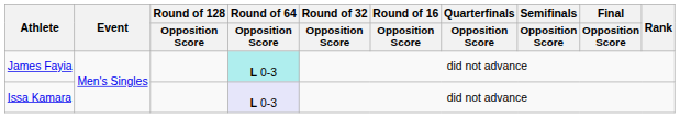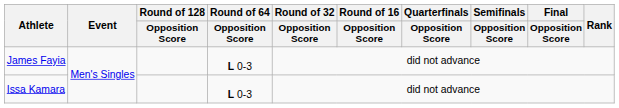 <table class=wikitable style="font-size:90%">
 <tr>
 <th rowspan="2">Athlete</th>
 <th rowspan="2">Event</th>
 <th>Round of 128</th>
 <th>Round of 64</th>
 <th>Round of 32</th>
 <th>Round of 16</th>
 <th>Quarterfinals</th>
 <th>Semifinals</th>
 <th>Final</th>
 <th rowspan=2>Rank</th>
 </tr>
 <tr style="font-size:95%">
 <th>Opposition<br>Score</th>
 <th>Opposition<br>Score</th>
 <th>Opposition<br>Score</th>
 <th>Opposition<br>Score</th>
 <th>Opposition<br>Score</th>
 <th>Opposition<br>Score</th>
 <th>Opposition<br>Score</th>
 </tr>
 <tr align=center>
 <td align=left><a href='#'>James Fayia</a></td>
 <td align=left rowspan=2><a href='#'>Men's Singles</a></td>
 <td></td>
-<td style="background: paleturquoise;"><br><strong>L</strong> 0-3</td>
+<td><br><strong>L</strong> 0-3</td>
 <td colspan=6>did not advance</td>
 </tr>
 <tr align=center>
 <td align=left><a href='#'>Issa Kamara</a></td>
 <td></td>
-<td style="background: lavender;"><br><strong>L</strong> 0-3</td>
+<td><br><strong>L</strong> 0-3</td>
 <td colspan=6>did not advance</td>
 </tr>
 </table>
